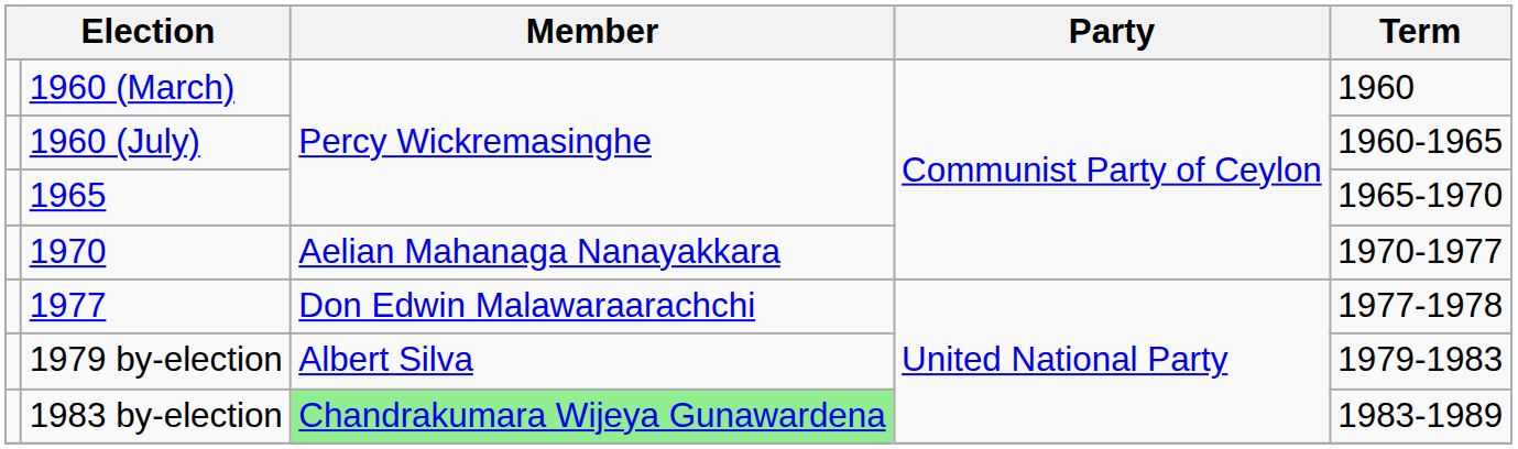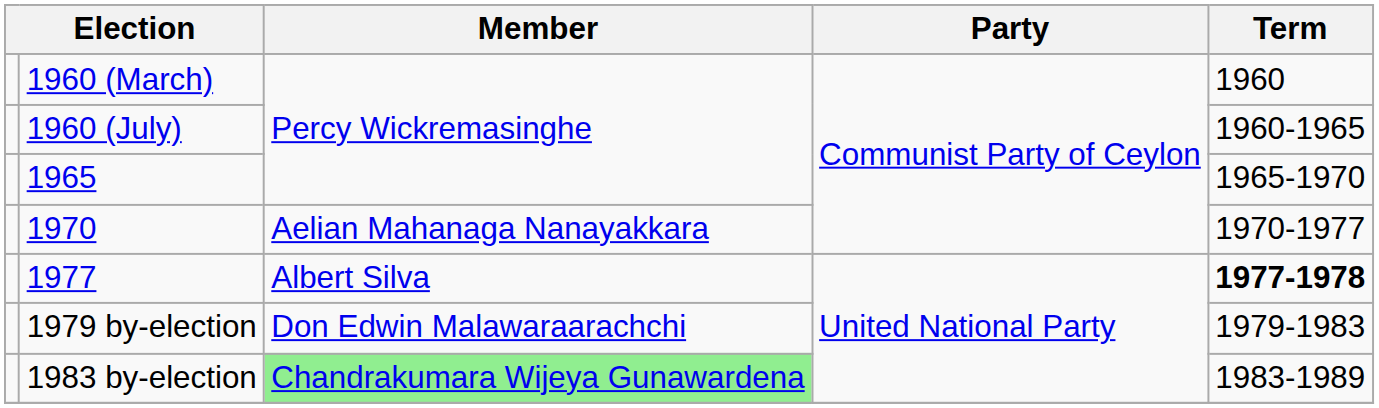 <table class="wikitable">
 <tr>
 <th colspan="2">Election</th>
 <th>Member</th>
 <th>Party</th>
 <th>Term</th>
 </tr>
 <tr>
 <td style="background-color: "></td>
 <td><a href='#'>1960 (March)</a></td>
 <td rowspan=3><a href='#'>Percy Wickremasinghe</a></td>
 <td rowspan=4><a href='#'>Communist Party of Ceylon</a></td>
 <td>1960</td>
 </tr>
 <tr>
 <td style="background-color: "></td>
 <td><a href='#'>1960 (July)</a></td>
 <td>1960-1965</td>
 </tr>
 <tr>
 <td style="background-color: "></td>
 <td><a href='#'>1965</a></td>
 <td>1965-1970</td>
 </tr>
 <tr>
 <td style="background-color: "></td>
 <td><a href='#'>1970</a></td>
 <td><a href='#'>Aelian Mahanaga Nanayakkara</a></td>
 <td>1970-1977</td>
 </tr>
 <tr>
 <td style="background-color: "></td>
 <td><a href='#'>1977</a></td>
-<td><a href='#'>Don Edwin Malawaraarachchi</a></td>
+<td><a href='#'>Albert Silva</a></td>
 <td rowspan=3><a href='#'>United National Party</a></td>
-<td>1977-1978</td>
+<td><strong>1977-1978</strong></td>
 </tr>
 <tr>
 <td style="background-color: "></td>
 <td>1979 by-election</td>
-<td><a href='#'>Albert Silva</a></td>
+<td><a href='#'>Don Edwin Malawaraarachchi</a></td>
 <td>1979-1983</td>
 </tr>
 <tr>
 <td style="background-color: "></td>
 <td>1983 by-election</td>
 <td style="background: lightgreen;"><a href='#'>Chandrakumara Wijeya Gunawardena</a></td>
 <td>1983-1989</td>
 </tr>
 <tr>
 </tr>
 </table>
